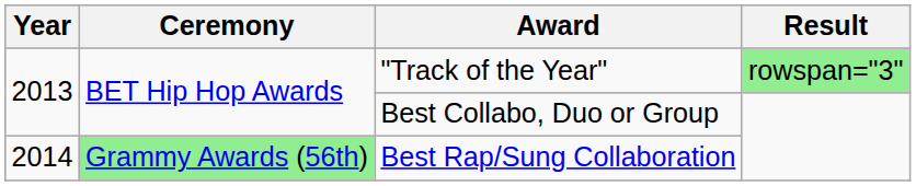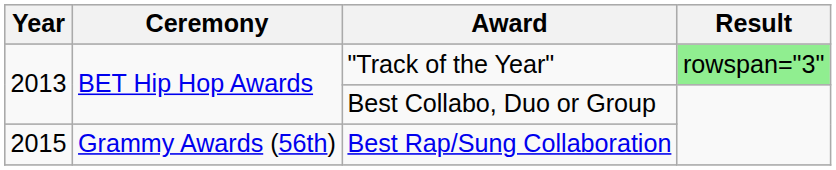 <table class="wikitable">
 <tr>
 <th>Year</th>
 <th>Ceremony</th>
 <th>Award</th>
 <th>Result</th>
 </tr>
 <tr>
 <td rowspan="2">2013</td>
 <td rowspan="2"><a href='#'>BET Hip Hop Awards</a></td>
 <td>"Track of the Year"</td>
 <td style="background: lightgreen;">rowspan="3" </td>
 </tr>
 <tr>
 <td>Best Collabo, Duo or Group</td>
 </tr>
 <tr>
-<td>2014</td>
-<td style="background: lightgreen;"><a href='#'>Grammy Awards</a> (<a href='#'>56th</a>)</td>
+<td>2015</td>
+<td><a href='#'>Grammy Awards</a> (<a href='#'>56th</a>)</td>
 <td><a href='#'>Best Rap/Sung Collaboration</a></td>
 </tr>
 </table>
